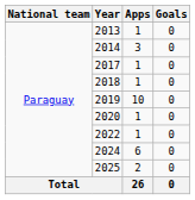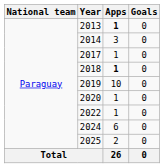 <table class="wikitable" style="text-align:center">
 <tr>
 <th>National team</th>
 <th>Year</th>
 <th>Apps</th>
 <th>Goals</th>
 </tr>
 <tr>
 <td rowspan="9"><a href='#'>Paraguay</a></td>
 <td>2013</td>
-<td>1</td>
+<td><strong>1</strong></td>
 <td>0</td>
 </tr>
 <tr>
 <td>2014</td>
 <td>3</td>
 <td>0</td>
 </tr>
 <tr>
 <td>2017</td>
 <td>1</td>
 <td>0</td>
 </tr>
 <tr>
 <td>2018</td>
-<td>1</td>
+<td><strong>1</strong></td>
 <td>0</td>
 </tr>
 <tr>
 <td>2019</td>
 <td>10</td>
 <td>0</td>
 </tr>
 <tr>
 <td>2020</td>
 <td>1</td>
 <td>0</td>
 </tr>
 <tr>
 <td>2022</td>
 <td>1</td>
 <td>0</td>
 </tr>
 <tr>
 <td>2024</td>
 <td>6</td>
 <td>0</td>
 </tr>
 <tr>
 <td>2025</td>
 <td>2</td>
 <td>0</td>
 </tr>
 <tr>
 <th colspan="2">Total</th>
 <th>26</th>
 <th>0</th>
 </tr>
 </table>
